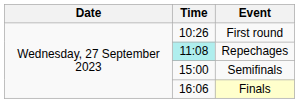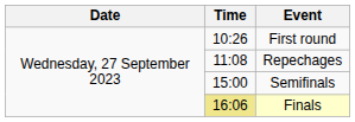 <table class = "wikitable" style="text-align:center;">
 <tr>
 <th width=220>Date</th>
 <th width=50>Time</th>
 <th width=100>Event</th>
 </tr>
 <tr>
 <td rowspan=4>Wednesday, 27 September 2023</td>
 <td>10:26</td>
 <td>First round</td>
 </tr>
 <tr>
-<td style="background: paleturquoise;">11:08</td>
+<td>11:08</td>
 <td>Repechages</td>
 </tr>
 <tr>
 <td>15:00</td>
 <td>Semifinals</td>
 </tr>
 <tr>
-<td>16:06</td>
+<td style="background: khaki;">16:06</td>
 <td bgcolor=ffffcc>Finals</td>
 </tr>
 </table>
